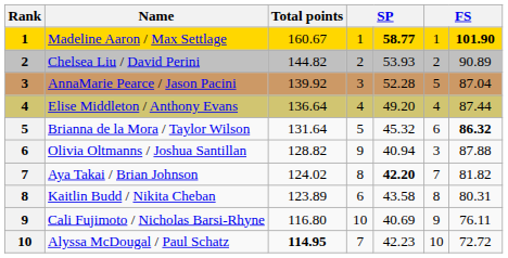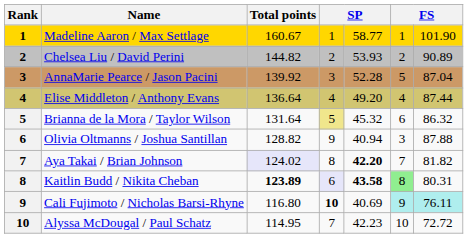 <table class="wikitable sortable">
 <tr>
 <th>Rank</th>
 <th>Name</th>
 <th>Total points</th>
 <th colspan="2" width="80px"><a href='#'>SP</a></th>
 <th colspan="2" width="80px"><a href='#'>FS</a></th>
 </tr>
 <tr bgcolor="gold">
 <td align="center"><strong>1</strong></td>
 <td><a href='#'>Madeline Aaron</a> / <a href='#'>Max Settlage</a></td>
 <td align="center">160.67</td>
 <td align="center">1</td>
-<td align="center"><strong>58.77</strong></td>
+<td align="center">58.77</td>
 <td align="center">1</td>
-<td align="center"><strong>101.90</strong></td>
+<td align="center">101.90</td>
 </tr>
 <tr bgcolor="silver">
 <td align="center"><strong>2</strong></td>
 <td><a href='#'>Chelsea Liu</a> / <a href='#'>David Perini</a></td>
 <td align="center">144.82</td>
 <td align="center">2</td>
 <td align="center">53.93</td>
 <td align="center">2</td>
 <td align="center">90.89</td>
 </tr>
 <tr bgcolor="cc9966">
 <td align="center"><strong>3</strong></td>
 <td><a href='#'>AnnaMarie Pearce</a> / <a href='#'>Jason Pacini</a></td>
 <td align="center">139.92</td>
 <td align="center">3</td>
 <td align="center">52.28</td>
 <td align="center">5</td>
 <td align="center">87.04</td>
 </tr>
 <tr bgcolor="#d1c571">
 <td align="center"><strong>4</strong></td>
 <td><a href='#'>Elise Middleton</a> / <a href='#'>Anthony Evans</a></td>
 <td align="center">136.64</td>
 <td align="center">4</td>
 <td align="center">49.20</td>
 <td align="center">4</td>
 <td align="center">87.44</td>
 </tr>
 <tr>
 <th>5</th>
 <td><a href='#'>Brianna de la Mora</a> / <a href='#'>Taylor Wilson</a></td>
 <td align="center">131.64</td>
-<td align="center">5</td>
+<td align="center" style="background: khaki;">5</td>
 <td align="center">45.32</td>
 <td align="center">6</td>
-<td align="center"><strong>86.32</strong></td>
+<td align="center">86.32</td>
 </tr>
 <tr>
 <th>6</th>
 <td><a href='#'>Olivia Oltmanns</a> / <a href='#'>Joshua Santillan</a></td>
 <td align="center">128.82</td>
 <td align="center">9</td>
 <td align="center">40.94</td>
 <td align="center">3</td>
 <td align="center">87.88</td>
 </tr>
 <tr>
 <th>7</th>
 <td><a href='#'>Aya Takai</a> / <a href='#'>Brian Johnson</a></td>
-<td align="center">124.02</td>
+<td align="center" style="background: lavender;">124.02</td>
 <td align="center">8</td>
 <td align="center"><strong>42.20</strong></td>
 <td align="center">7</td>
 <td align="center">81.82</td>
 </tr>
 <tr>
 <th>8</th>
 <td><a href='#'>Kaitlin Budd</a> / <a href='#'>Nikita Cheban</a></td>
-<td align="center">123.89</td>
-<td align="center">6</td>
-<td align="center">43.58</td>
-<td align="center">8</td>
+<td align="center"><strong>123.89</strong></td>
+<td align="center" style="background: lavender;">6</td>
+<td align="center"><strong>43.58</strong></td>
+<td align="center" style="background: lightgreen;">8</td>
 <td align="center">80.31</td>
 </tr>
 <tr>
 <th>9</th>
 <td><a href='#'>Cali Fujimoto</a> / <a href='#'>Nicholas Barsi-Rhyne</a></td>
 <td align="center">116.80</td>
-<td align="center">10</td>
+<td align="center"><strong>10</strong></td>
 <td align="center">40.69</td>
-<td align="center">9</td>
-<td align="center">76.11</td>
+<td align="center" style="background: paleturquoise;">9</td>
+<td align="center" style="background: paleturquoise;">76.11</td>
 </tr>
 <tr>
 <th>10</th>
 <td><a href='#'>Alyssa McDougal</a> / <a href='#'>Paul Schatz</a></td>
-<td align="center"><strong>114.95</strong></td>
+<td align="center">114.95</td>
 <td align="center">7</td>
 <td align="center">42.23</td>
 <td align="center">10</td>
 <td align="center">72.72</td>
 </tr>
 </table>
